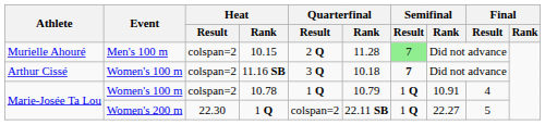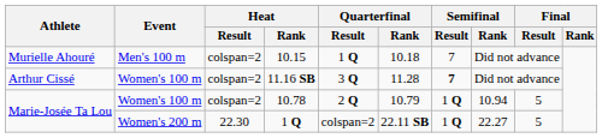 <table class="wikitable" style="font-size:90%">
 <tr>
 <th rowspan="2">Athlete</th>
 <th rowspan="2">Event</th>
 <th colspan="2">Heat</th>
 <th colspan="2">Quarterfinal</th>
 <th colspan="2">Semifinal</th>
 <th colspan="2">Final</th>
 </tr>
 <tr style="font-size:95%">
 <th>Result</th>
 <th>Rank</th>
 <th>Result</th>
 <th>Rank</th>
 <th>Result</th>
 <th>Rank</th>
 <th>Result</th>
 <th>Rank</th>
 </tr>
 <tr align=center>
 <td align=left><a href='#'>Murielle Ahouré</a></td>
 <td align=left><a href='#'>Men's 100 m</a></td>
 <td>colspan=2 </td>
 <td>10.15</td>
-<td>2 <strong>Q</strong></td>
-<td>11.28</td>
-<td style="background: lightgreen;">7</td>
+<td>1 <strong>Q</strong></td>
+<td>10.18</td>
+<td>7</td>
 <td colspan="2">Did not advance</td>
 </tr>
 <tr align=center>
 <td align=left><a href='#'>Arthur Cissé</a></td>
 <td align=left><a href='#'>Women's 100 m</a></td>
 <td>colspan=2 </td>
 <td>11.16 <strong>SB</strong></td>
 <td>3 <strong>Q</strong></td>
-<td>10.18</td>
+<td>11.28</td>
 <td><strong>7</strong></td>
 <td colspan="2">Did not advance</td>
 </tr>
 <tr align=center>
 <td rowspan="2" align="left"><a href='#'>Marie-Josée Ta Lou</a></td>
 <td align=left><a href='#'>Women's 100 m</a></td>
 <td>colspan=2 </td>
 <td>10.78 <strong></strong></td>
-<td>1 <strong>Q</strong></td>
+<td>2 <strong>Q</strong></td>
 <td>10.79</td>
 <td>1 <strong>Q</strong></td>
-<td>10.91</td>
-<td>4</td>
+<td>10.94</td>
+<td>5</td>
 </tr>
 <tr align=center>
 <td align=left><a href='#'>Women's 200 m</a></td>
 <td>22.30</td>
 <td>1 <strong>Q</strong></td>
 <td>colspan=2 </td>
 <td>22.11 <strong>SB</strong></td>
 <td>1 <strong>Q</strong></td>
 <td>22.27</td>
 <td>5</td>
 </tr>
 </table>
